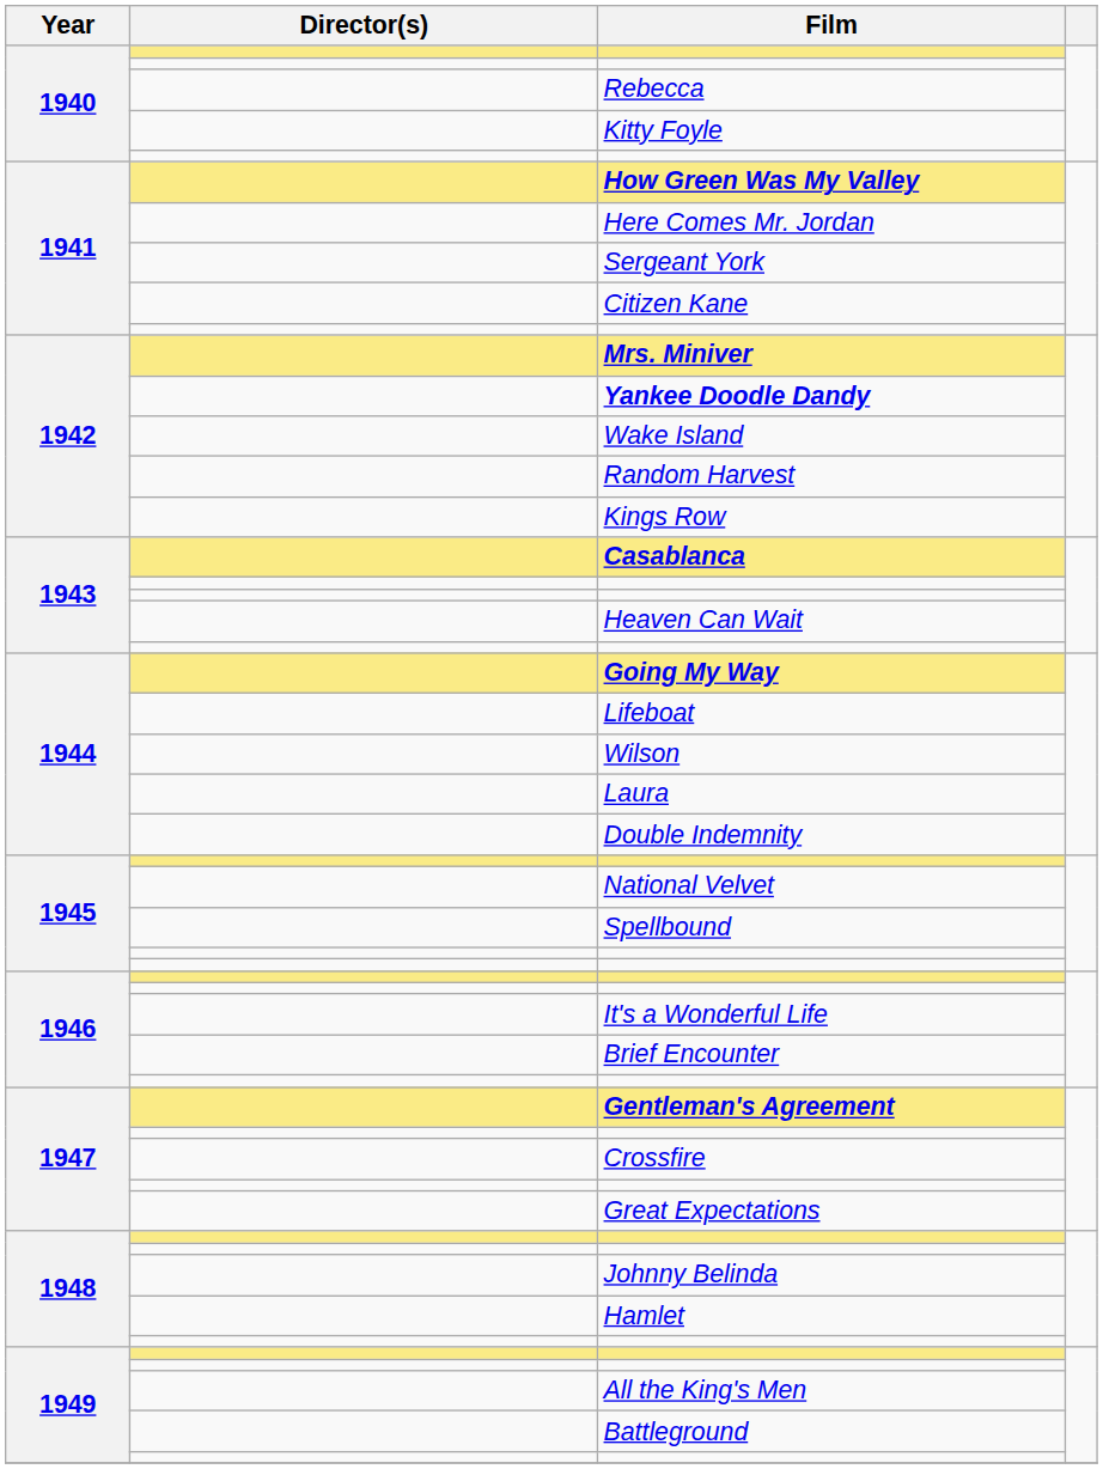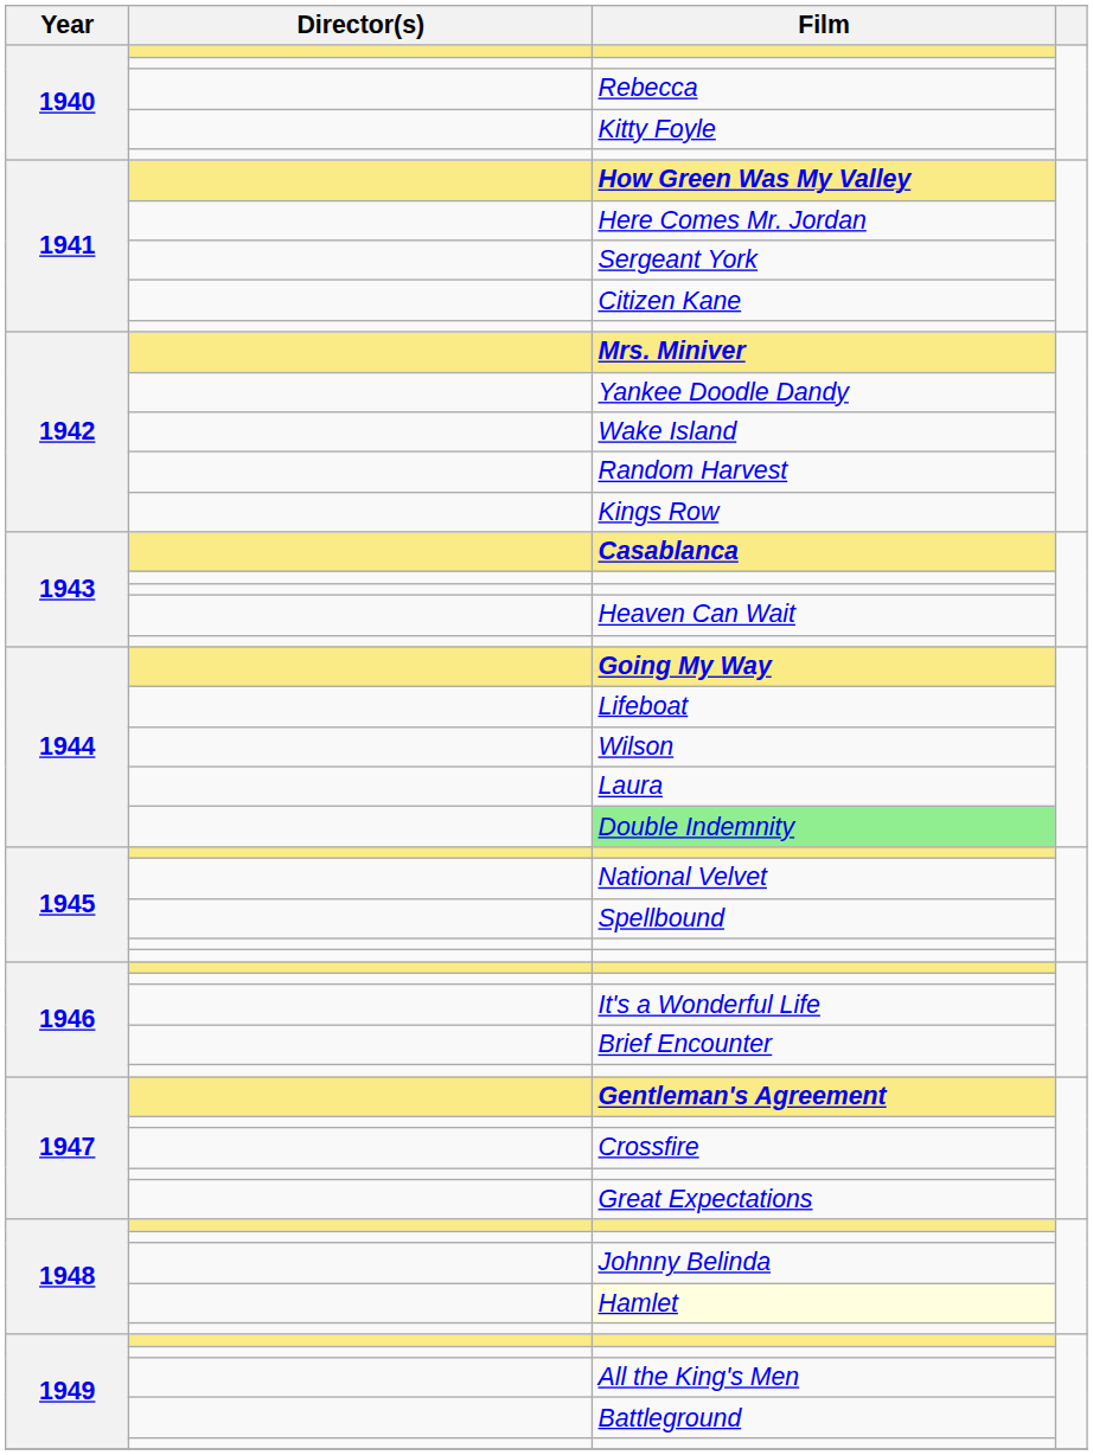 <table class="wikitable sortable">
 <tr>
 <th scope="col" style="width:8%;">Year</th>
 <th scope="col" style="width:30%;">Director(s)</th>
 <th scope="col" style="width:30%;">Film</th>
 <th scope="col" style="width:2%;" class="unsortable"></th>
 </tr>
 <tr>
 <th scope="row" rowspan=5 style="text-align:center;"><a href='#'>1940</a><br></th>
 <td style="background:#FAEB86;"><strong></strong></td>
 <td style="background:#FAEB86;"><strong><em></em></strong></td>
 <td rowspan="5"></td>
 </tr>
 <tr>
 <td></td>
 <td><em></em></td>
 </tr>
 <tr>
 <td></td>
 <td><em><a href='#'>Rebecca</a></em></td>
 </tr>
 <tr>
 <td></td>
 <td><em><a href='#'>Kitty Foyle</a></em></td>
 </tr>
 <tr>
 <td></td>
 <td><em></em></td>
 </tr>
 <tr>
 <th scope="row" rowspan=5 style="text-align:center;"><a href='#'>1941</a><br></th>
 <td style="background:#FAEB86;"><strong></strong></td>
 <td style="background:#FAEB86;"><strong><em><a href='#'>How Green Was My Valley</a></em></strong></td>
 <td rowspan="5"></td>
 </tr>
 <tr>
 <td></td>
 <td><em><a href='#'>Here Comes Mr. Jordan</a></em></td>
 </tr>
 <tr>
 <td></td>
 <td><em><a href='#'>Sergeant York</a></em></td>
 </tr>
 <tr>
 <td></td>
 <td><em><a href='#'>Citizen Kane</a></em></td>
 </tr>
 <tr>
 <td></td>
 <td><em></em></td>
 </tr>
 <tr>
 <th scope="row" rowspan=5 style="text-align:center;"><a href='#'>1942</a><br></th>
 <td style="background:#FAEB86;"><strong></strong></td>
 <td style="background:#FAEB86;"><strong><em><a href='#'>Mrs. Miniver</a></em></strong></td>
 <td rowspan="5"></td>
 </tr>
 <tr>
 <td></td>
-<td><strong><em><a href='#'>Yankee Doodle Dandy</a></em></strong></td>
+<td><em><a href='#'>Yankee Doodle Dandy</a></em></td>
 </tr>
 <tr>
 <td></td>
 <td><em><a href='#'>Wake Island</a></em></td>
 </tr>
 <tr>
 <td></td>
 <td><em><a href='#'>Random Harvest</a></em></td>
 </tr>
 <tr>
 <td></td>
 <td><em><a href='#'>Kings Row</a></em></td>
 </tr>
 <tr>
 <th scope="row" rowspan=5 style="text-align:center;"><a href='#'>1943</a><br></th>
 <td style="background:#FAEB86;"><strong></strong></td>
 <td style="background:#FAEB86;"><strong><em><a href='#'>Casablanca</a></em></strong></td>
 <td rowspan="5"></td>
 </tr>
 <tr>
 <td></td>
 <td><em></em></td>
 </tr>
 <tr>
 <td></td>
 <td><em></em></td>
 </tr>
 <tr>
 <td></td>
 <td><em><a href='#'>Heaven Can Wait</a></em></td>
 </tr>
 <tr>
 <td></td>
 <td><em></em></td>
 </tr>
 <tr>
 <th scope="row" rowspan=5 style="text-align:center;"><a href='#'>1944</a><br></th>
 <td style="background:#FAEB86;"><strong></strong></td>
 <td style="background:#FAEB86;"><strong><em><a href='#'>Going My Way</a></em></strong></td>
 <td rowspan="5"></td>
 </tr>
 <tr>
 <td></td>
 <td><em><a href='#'>Lifeboat</a></em></td>
 </tr>
 <tr>
 <td></td>
 <td><em><a href='#'>Wilson</a></em></td>
 </tr>
 <tr>
 <td></td>
 <td><em><a href='#'>Laura</a></em></td>
 </tr>
 <tr>
 <td></td>
-<td><em><a href='#'>Double Indemnity</a></em></td>
+<td style="background: lightgreen;"><em><a href='#'>Double Indemnity</a></em></td>
 </tr>
 <tr>
 <th scope="row" rowspan=5 style="text-align:center;"><a href='#'>1945</a><br></th>
 <td style="background:#FAEB86;"><strong></strong></td>
 <td style="background:#FAEB86;"><strong><em></em></strong></td>
 <td rowspan="5"></td>
 </tr>
 <tr>
 <td></td>
 <td><em><a href='#'>National Velvet</a></em></td>
 </tr>
 <tr>
 <td></td>
 <td><em><a href='#'>Spellbound</a></em></td>
 </tr>
 <tr>
 <td></td>
 <td><em></em></td>
 </tr>
 <tr>
 <td></td>
 <td><em></em></td>
 </tr>
 <tr>
 <th scope="row" rowspan=5 style="text-align:center;"><a href='#'>1946</a><br></th>
 <td style="background:#FAEB86;"><strong></strong></td>
 <td style="background:#FAEB86;"><strong><em></em></strong></td>
 <td rowspan="5"></td>
 </tr>
 <tr>
 <td></td>
 <td><em></em></td>
 </tr>
 <tr>
 <td></td>
 <td><em><a href='#'>It's a Wonderful Life</a></em></td>
 </tr>
 <tr>
 <td></td>
 <td><em><a href='#'>Brief Encounter</a></em></td>
 </tr>
 <tr>
 <td></td>
 <td><em></em></td>
 </tr>
 <tr>
 <th scope="row" rowspan=5 style="text-align:center;"><a href='#'>1947</a><br></th>
 <td style="background:#FAEB86;"><strong></strong></td>
 <td style="background:#FAEB86;"><strong><em><a href='#'>Gentleman's Agreement</a></em></strong></td>
 <td rowspan="5"></td>
 </tr>
 <tr>
 <td></td>
 <td></td>
 </tr>
 <tr>
 <td></td>
 <td><em><a href='#'>Crossfire</a></em></td>
 </tr>
 <tr>
 <td></td>
 <td></td>
 </tr>
 <tr>
 <td></td>
 <td><em><a href='#'>Great Expectations</a></em></td>
 </tr>
 <tr>
 <th scope="row" rowspan=5 style="text-align:center;"><a href='#'>1948</a><br></th>
 <td style="background:#FAEB86;"><strong></strong></td>
 <td style="background:#FAEB86;"><strong></strong></td>
 <td rowspan="5"></td>
 </tr>
 <tr>
 <td></td>
 <td></td>
 </tr>
 <tr>
 <td></td>
 <td><em><a href='#'>Johnny Belinda</a></em></td>
 </tr>
 <tr>
 <td></td>
-<td><em><a href='#'>Hamlet</a></em></td>
+<td style="background: lightyellow;"><em><a href='#'>Hamlet</a></em></td>
 </tr>
 <tr>
 <td></td>
 <td></td>
 </tr>
 <tr>
 <th scope="row" rowspan=5 style="text-align:center;"><a href='#'>1949</a><br></th>
 <td style="background:#FAEB86;"><strong></strong></td>
 <td style="background:#FAEB86;"><strong></strong></td>
 <td rowspan="5"></td>
 </tr>
 <tr>
 <td></td>
 <td></td>
 </tr>
 <tr>
 <td></td>
 <td><em><a href='#'>All the King's Men</a></em></td>
 </tr>
 <tr>
 <td></td>
 <td><em><a href='#'>Battleground</a></em></td>
 </tr>
 <tr>
 <td></td>
 <td></td>
 </tr>
 <tr>
 </tr>
 </table>
